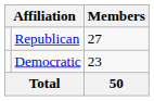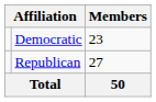 <table class="wikitable">
 <tr>
 <th colspan="2">Affiliation</th>
 <th>Members</th>
 </tr>
 <tr>
 <td style="background-color:"></td>
-<td><a href='#'>Republican</a></td>
-<td>27</td>
+<td><a href='#'>Democratic</a></td>
+<td>23</td>
 </tr>
 <tr>
 <td style="background-color:"></td>
-<td><a href='#'>Democratic</a></td>
-<td>23</td>
+<td><a href='#'>Republican</a></td>
+<td>27</td>
 </tr>
 <tr>
 <th colspan="2">Total</th>
 <th>50</th>
 </tr>
 </table>
